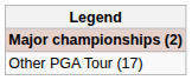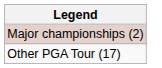 <table class="wikitable" style="font-size:95%;">
 <tr>
 <th>Legend</th>
 </tr>
 <tr style="background:#e5d1cb;">
-<td><strong>Major championships (2)</strong></td>
+<td>Major championships (2)</td>
 </tr>
 <tr>
 <td>Other PGA Tour (17)</td>
 </tr>
 </table>
